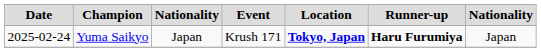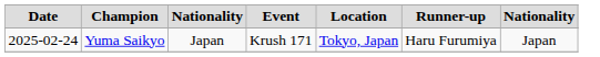 <table class="wikitable" style="text-align:center">
 <tr>
 </tr>
 <tr bgcolor="#dddddd">
 <td><strong>Date</strong></td>
 <td><strong>Champion</strong></td>
 <td><strong>Nationality</strong></td>
 <td><strong>Event</strong></td>
 <td><strong>Location</strong></td>
 <td><strong>Runner-up</strong></td>
 <td><strong>Nationality</strong></td>
 </tr>
 <tr>
 </tr>
 <tr>
 <td>2025-02-24</td>
 <td><a href='#'>Yuma Saikyo</a></td>
 <td> Japan</td>
 <td>Krush 171</td>
-<td><strong><a href='#'>Tokyo, Japan</a></strong></td>
-<td><strong>Haru Furumiya</strong></td>
+<td><a href='#'>Tokyo, Japan</a></td>
+<td>Haru Furumiya</td>
 <td> Japan</td>
 </tr>
 <tr>
 </tr>
 </table>
